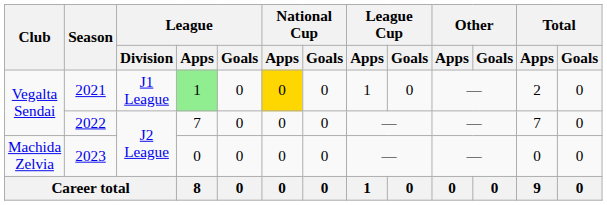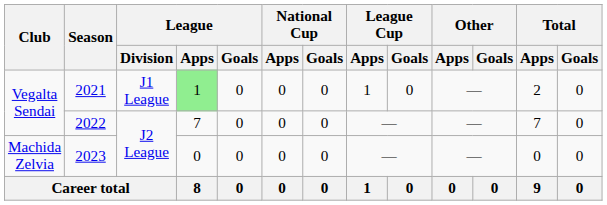 <table class="wikitable" style="text-align:center">
 <tr>
 <th rowspan="2">Club</th>
 <th rowspan="2">Season</th>
 <th colspan="3">League</th>
 <th colspan="2">National Cup</th>
 <th colspan="2">League Cup</th>
 <th colspan="2">Other</th>
 <th colspan="2">Total</th>
 </tr>
 <tr>
 <th>Division</th>
 <th>Apps</th>
 <th>Goals</th>
 <th>Apps</th>
 <th>Goals</th>
 <th>Apps</th>
 <th>Goals</th>
 <th>Apps</th>
 <th>Goals</th>
 <th>Apps</th>
 <th>Goals</th>
 </tr>
 <tr>
 <td rowspan="2"><a href='#'>Vegalta Sendai</a></td>
 <td><a href='#'>2021</a></td>
 <td><a href='#'>J1 League</a></td>
 <td style="background: lightgreen;">1</td>
 <td>0</td>
-<td style="background: gold;">0</td>
+<td>0</td>
 <td>0</td>
 <td>1</td>
 <td>0</td>
 <td colspan="2">—</td>
 <td>2</td>
 <td>0</td>
 </tr>
 <tr>
 <td><a href='#'>2022</a></td>
 <td rowspan="2"><a href='#'>J2 League</a></td>
 <td>7</td>
 <td>0</td>
 <td>0</td>
 <td>0</td>
 <td colspan="2">—</td>
 <td colspan="2">—</td>
 <td>7</td>
 <td>0</td>
 </tr>
 <tr>
 <td><a href='#'>Machida Zelvia</a></td>
 <td><a href='#'>2023</a></td>
 <td>0</td>
 <td>0</td>
 <td>0</td>
 <td>0</td>
 <td colspan="2">—</td>
 <td colspan="2">—</td>
 <td>0</td>
 <td>0</td>
 </tr>
 <tr>
 <th colspan="3">Career total</th>
 <th>8</th>
 <th>0</th>
 <th>0</th>
 <th>0</th>
 <th>1</th>
 <th>0</th>
 <th>0</th>
 <th>0</th>
 <th>9</th>
 <th>0</th>
 </tr>
 </table>
